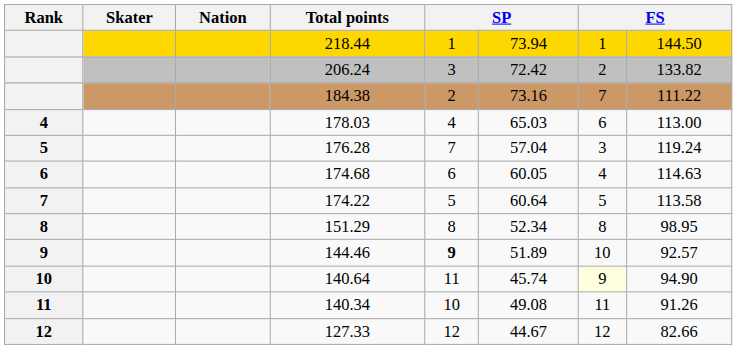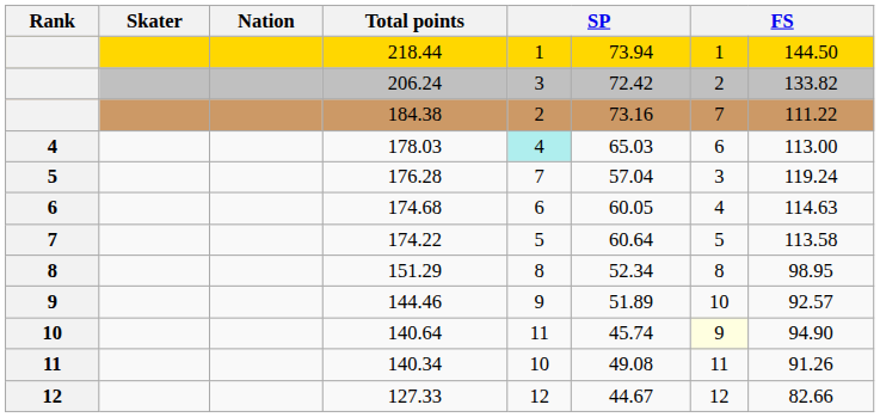 <table class="wikitable sortable" style="text-align:center;" width="80%">
 <tr>
 <th scope="col">Rank</th>
 <th scope="col">Skater</th>
 <th scope="col">Nation</th>
 <th scope="col">Total points</th>
 <th scope="col" colspan="2" width="80px"><a href='#'>SP</a></th>
 <th scope="col" colspan="2" width="80px"><a href='#'>FS</a></th>
 </tr>
 <tr bgcolor="gold">
 <th scope="row"></th>
 <td align="left"></td>
 <td align="left"></td>
 <td>218.44</td>
 <td>1</td>
 <td>73.94</td>
 <td>1</td>
 <td>144.50</td>
 </tr>
 <tr bgcolor="silver">
 <th scope="row"></th>
 <td align="left"></td>
 <td align="left"></td>
 <td>206.24</td>
 <td>3</td>
 <td>72.42</td>
 <td>2</td>
 <td>133.82</td>
 </tr>
 <tr bgcolor="cc9966">
 <th scope="row"></th>
 <td align="left"></td>
 <td align="left"></td>
 <td>184.38</td>
 <td>2</td>
 <td>73.16</td>
 <td>7</td>
 <td>111.22</td>
 </tr>
 <tr>
 <th scope="row">4</th>
 <td align="left"></td>
 <td align="left"></td>
 <td>178.03</td>
-<td>4</td>
+<td style="background: paleturquoise;">4</td>
 <td>65.03</td>
 <td>6</td>
 <td>113.00</td>
 </tr>
 <tr>
 <th scope="row">5</th>
 <td align="left"></td>
 <td align="left"></td>
 <td>176.28</td>
 <td>7</td>
 <td>57.04</td>
 <td>3</td>
 <td>119.24</td>
 </tr>
 <tr>
 <th scope="row">6</th>
 <td align="left"></td>
 <td align="left"></td>
 <td>174.68</td>
 <td>6</td>
 <td>60.05</td>
 <td>4</td>
 <td>114.63</td>
 </tr>
 <tr>
 <th scope="row">7</th>
 <td align="left"></td>
 <td align="left"></td>
 <td>174.22</td>
 <td>5</td>
 <td>60.64</td>
 <td>5</td>
 <td>113.58</td>
 </tr>
 <tr>
 <th scope="row">8</th>
 <td align="left"></td>
 <td align="left"></td>
 <td>151.29</td>
 <td>8</td>
 <td>52.34</td>
 <td>8</td>
 <td>98.95</td>
 </tr>
 <tr>
 <th scope="row">9</th>
 <td align="left"></td>
 <td align="left"></td>
 <td>144.46</td>
-<td><strong>9</strong></td>
+<td>9</td>
 <td>51.89</td>
 <td>10</td>
 <td>92.57</td>
 </tr>
 <tr>
 <th scope="row">10</th>
 <td align="left"></td>
 <td align="left"></td>
 <td>140.64</td>
 <td>11</td>
 <td>45.74</td>
 <td style="background: lightyellow;">9</td>
 <td>94.90</td>
 </tr>
 <tr>
 <th scope="row">11</th>
 <td align="left"></td>
 <td align="left"></td>
 <td>140.34</td>
 <td>10</td>
 <td>49.08</td>
 <td>11</td>
 <td>91.26</td>
 </tr>
 <tr>
 <th scope="row">12</th>
 <td align="left"></td>
 <td align="left"></td>
 <td>127.33</td>
 <td>12</td>
 <td>44.67</td>
 <td>12</td>
 <td>82.66</td>
 </tr>
 </table>
